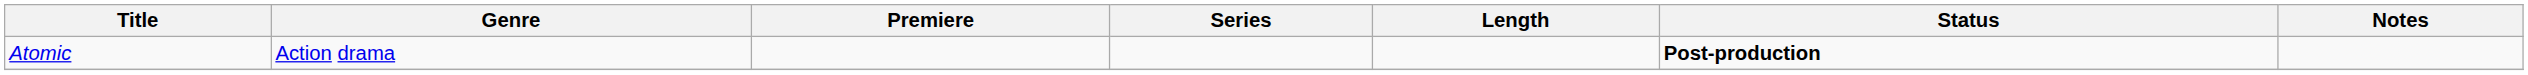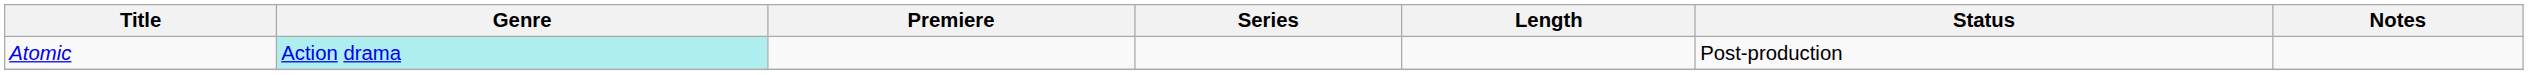 <table class="wikitable sortable" style="width:100%;">
 <tr>
 <th>Title</th>
 <th>Genre</th>
 <th>Premiere</th>
 <th>Series</th>
 <th>Length</th>
 <th>Status</th>
 <th>Notes</th>
 </tr>
 <tr>
 <td><em><a href='#'>Atomic</a></em></td>
-<td><a href='#'>Action</a> <a href='#'>drama</a></td>
+<td style="background: paleturquoise;"><a href='#'>Action</a> <a href='#'>drama</a></td>
 <td></td>
 <td></td>
 <td></td>
-<td><strong>Post-production</strong></td>
+<td>Post-production</td>
 <td></td>
 </tr>
 <tr>
 </tr>
 </table>
